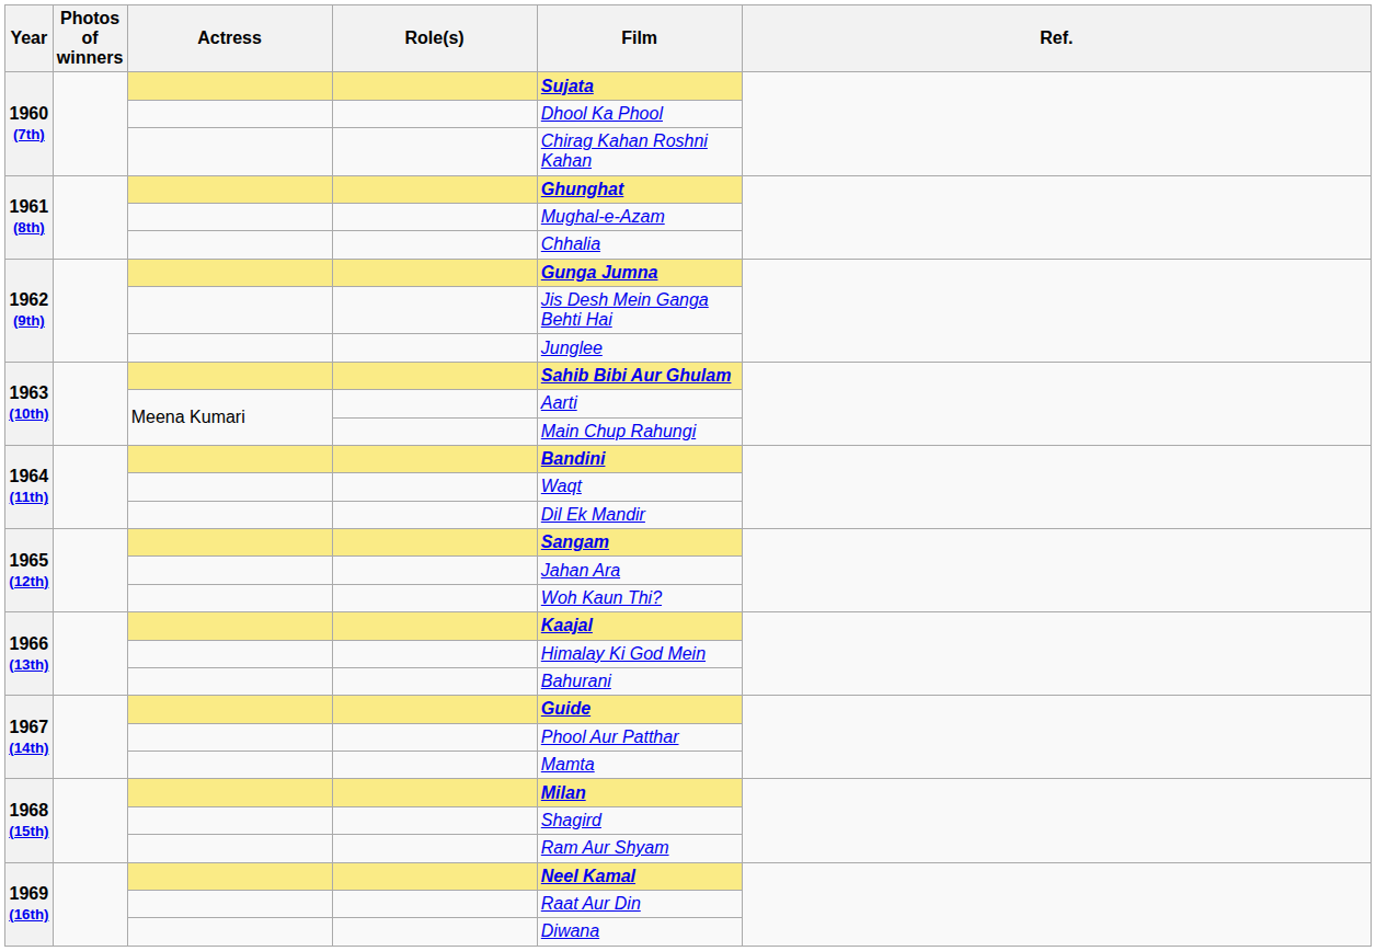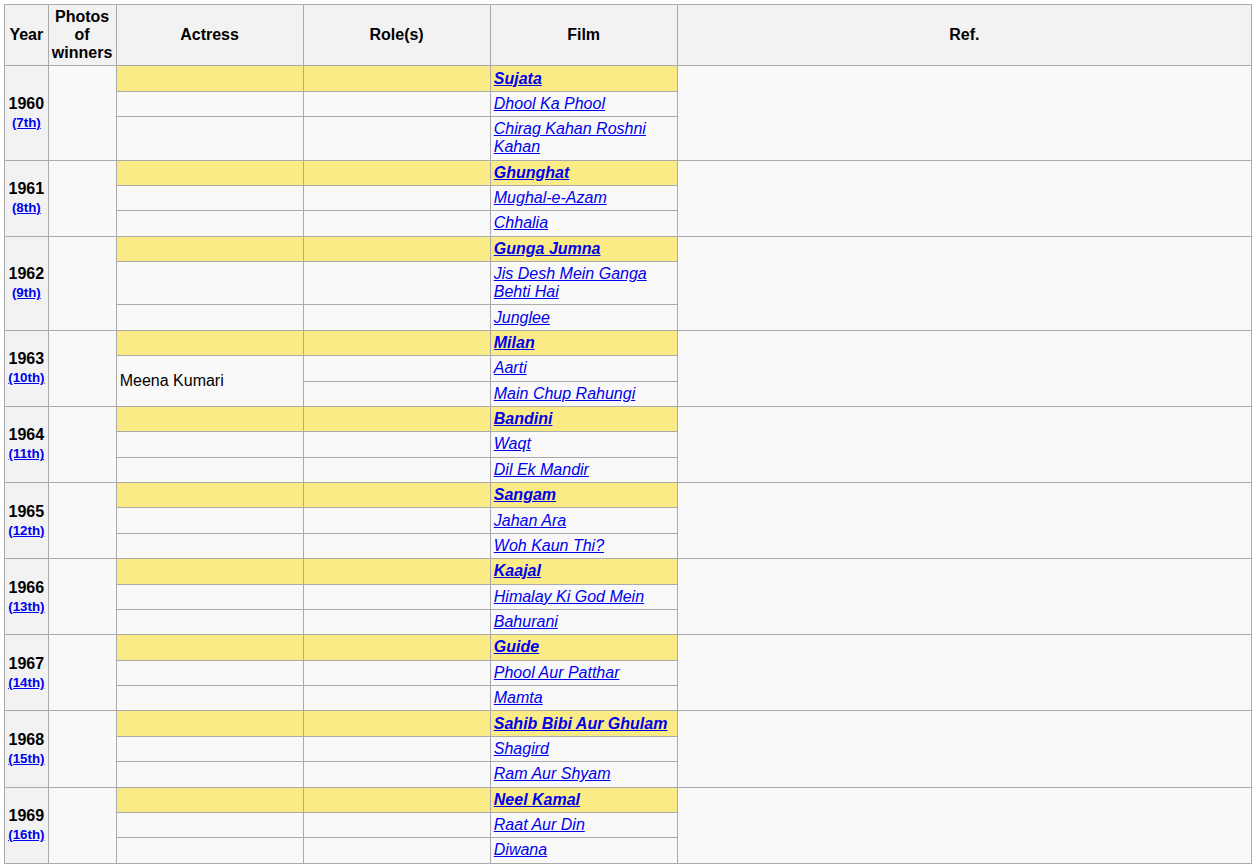 <table class="wikitable sortable" style="text-align:left;">
 <tr>
 <th scope="col" style="width:3%; text-align:center;">Year</th>
 <th scope="col" style="width:3%;text-align:center;">Photos of winners</th>
 <th scope="col" style="width:15%;text-align:center;">Actress</th>
 <th scope="col" style="width:15%;text-align:center;">Role(s)</th>
 <th scope="col" style="width:15%;text-align:center;">Film</th>
 <th>Ref.</th>
 </tr>
 <tr>
 <th scope="row" rowspan=3 style="text-align:center">1960 <br><small><a href='#'>(7th)</a> </small></th>
 <td rowspan=3 style="text-align:center"></td>
 <td style="background:#FAEB86;"><strong></strong> </td>
 <td style="background:#FAEB86;"><strong></strong></td>
 <td style="background:#FAEB86;"><strong><em><a href='#'>Sujata</a></em></strong></td>
 <td rowspan="3"></td>
 </tr>
 <tr>
 <td></td>
 <td></td>
 <td><em><a href='#'>Dhool Ka Phool</a></em></td>
 </tr>
 <tr>
 <td></td>
 <td></td>
 <td><em><a href='#'>Chirag Kahan Roshni Kahan</a></em></td>
 </tr>
 <tr>
 <th scope="row" rowspan=3 style="text-align:center">1961 <br><small><a href='#'>(8th)</a> </small></th>
 <td rowspan=3 style="text-align:center"></td>
 <td style="background:#FAEB86;"><strong></strong> </td>
 <td style="background:#FAEB86;"><strong></strong></td>
 <td style="background:#FAEB86;"><strong><em><a href='#'>Ghunghat</a></em></strong></td>
 <td rowspan="3"></td>
 </tr>
 <tr>
 <td></td>
 <td></td>
 <td><em><a href='#'>Mughal-e-Azam</a></em></td>
 </tr>
 <tr>
 <td></td>
 <td></td>
 <td><em><a href='#'>Chhalia</a></em></td>
 </tr>
 <tr>
 <th scope="row" rowspan=3 style="text-align:center">1962 <br><small><a href='#'>(9th)</a> </small></th>
 <td rowspan=3 style="text-align:center"></td>
 <td style="background:#FAEB86;"><strong></strong> </td>
 <td style="background:#FAEB86;"><strong></strong></td>
 <td style="background:#FAEB86;"><strong><em><a href='#'>Gunga Jumna</a></em></strong></td>
 <td rowspan="3"></td>
 </tr>
 <tr>
 <td></td>
 <td></td>
 <td><em><a href='#'>Jis Desh Mein Ganga Behti Hai</a></em></td>
 </tr>
 <tr>
 <td></td>
 <td></td>
 <td><em><a href='#'>Junglee</a></em></td>
 </tr>
 <tr>
 <th scope="row" rowspan=3 style="text-align:center">1963 <br><small><a href='#'>(10th)</a> </small></th>
 <td rowspan=3 style="text-align:center"></td>
 <td style="background:#FAEB86;"><strong></strong> </td>
 <td style="background:#FAEB86;"><strong></strong></td>
-<td style="background:#FAEB86;"><strong><em><a href='#'>Sahib Bibi Aur Ghulam</a></em></strong></td>
+<td style="background:#FAEB86;"><strong><em><a href='#'>Milan</a></em></strong></td>
 <td rowspan="3"></td>
 </tr>
 <tr>
 <td rowspan=2>Meena Kumari</td>
 <td></td>
 <td><em><a href='#'>Aarti</a></em></td>
 </tr>
 <tr>
 <td></td>
 <td><em><a href='#'>Main Chup Rahungi</a></em></td>
 </tr>
 <tr>
 <th scope="row" rowspan=3 style="text-align:center">1964 <br><small><a href='#'>(11th)</a> </small></th>
 <td rowspan=3 style="text-align:center"></td>
 <td style="background:#FAEB86;"><strong></strong> </td>
 <td style="background:#FAEB86;"><strong></strong></td>
 <td style="background:#FAEB86;"><strong><em><a href='#'>Bandini</a></em></strong></td>
 <td rowspan="3"></td>
 </tr>
 <tr>
 <td></td>
 <td></td>
 <td><em><a href='#'>Waqt</a></em></td>
 </tr>
 <tr>
 <td></td>
 <td></td>
 <td><em><a href='#'>Dil Ek Mandir</a></em></td>
 </tr>
 <tr>
 <th scope="row" rowspan=3 style="text-align:center">1965 <br><small><a href='#'>(12th)</a> </small></th>
 <td rowspan=3 style="text-align:center"></td>
 <td style="background:#FAEB86;"><strong></strong> </td>
 <td style="background:#FAEB86;"><strong></strong></td>
 <td style="background:#FAEB86;"><strong><em><a href='#'>Sangam</a></em></strong></td>
 <td rowspan="3"></td>
 </tr>
 <tr>
 <td></td>
 <td></td>
 <td><em><a href='#'>Jahan Ara</a></em></td>
 </tr>
 <tr>
 <td></td>
 <td></td>
 <td><em><a href='#'>Woh Kaun Thi?</a></em></td>
 </tr>
 <tr>
 <th scope="row" rowspan=3 style="text-align:center">1966 <br><small><a href='#'>(13th)</a> </small></th>
 <td rowspan=3 style="text-align:center"></td>
 <td style="background:#FAEB86;"><strong></strong> </td>
 <td style="background:#FAEB86;"><strong></strong></td>
 <td style="background:#FAEB86;"><strong><em><a href='#'>Kaajal</a></em></strong></td>
 <td rowspan="3"></td>
 </tr>
 <tr>
 <td></td>
 <td></td>
 <td><em><a href='#'>Himalay Ki God Mein</a></em></td>
 </tr>
 <tr>
 <td></td>
 <td></td>
 <td><a href='#'><em>Bahurani</em></a></td>
 </tr>
 <tr>
 <th scope="row" rowspan=3 style="text-align:center">1967 <br><small><a href='#'>(14th)</a> </small></th>
 <td rowspan=3 style="text-align:center"></td>
 <td style="background:#FAEB86;"><strong></strong> </td>
 <td style="background:#FAEB86;"><strong></strong></td>
 <td style="background:#FAEB86;"><strong><em><a href='#'>Guide</a></em></strong></td>
 <td rowspan="3"></td>
 </tr>
 <tr>
 <td></td>
 <td></td>
 <td><em><a href='#'>Phool Aur Patthar</a></em></td>
 </tr>
 <tr>
 <td></td>
 <td></td>
 <td><em><a href='#'>Mamta</a></em></td>
 </tr>
 <tr>
 <th scope="row" rowspan=3 style="text-align:center">1968 <br><small><a href='#'>(15th)</a> </small></th>
 <td rowspan=3 style="text-align:center"></td>
 <td style="background:#FAEB86;"><strong></strong> </td>
 <td style="background:#FAEB86;"><strong></strong></td>
-<td style="background:#FAEB86;"><strong><em><a href='#'>Milan</a></em></strong></td>
+<td style="background:#FAEB86;"><strong><em><a href='#'>Sahib Bibi Aur Ghulam</a></em></strong></td>
 <td rowspan="3"></td>
 </tr>
 <tr>
 <td></td>
 <td></td>
 <td><em><a href='#'>Shagird</a></em></td>
 </tr>
 <tr>
 <td></td>
 <td></td>
 <td><em><a href='#'>Ram Aur Shyam</a></em></td>
 </tr>
 <tr>
 <th scope="row" rowspan=3 style="text-align:center">1969 <br><small><a href='#'>(16th)</a> </small></th>
 <td rowspan=3 style="text-align:center"></td>
 <td style="background:#FAEB86;"><strong></strong> </td>
 <td style="background:#FAEB86;"><strong></strong></td>
 <td style="background:#FAEB86;"><strong><em><a href='#'>Neel Kamal</a></em></strong></td>
 <td rowspan="3"></td>
 </tr>
 <tr>
 <td></td>
 <td></td>
 <td><em><a href='#'>Raat Aur Din</a></em></td>
 </tr>
 <tr>
 <td></td>
 <td></td>
 <td><em><a href='#'>Diwana</a></em></td>
 </tr>
 </table>
